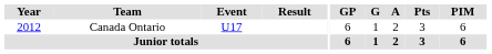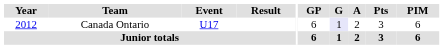 <table border="0" cellpadding="1" cellspacing="0" ID="Table3" style="text-align:center; width:40em">
 <tr ALIGN="center" bgcolor="#e0e0e0">
 <th>Year</th>
 <th>Team</th>
 <th>Event</th>
 <th>Result</th>
 <th rowspan="99" bgcolor="#ffffff"></th>
 <th>GP</th>
 <th>G</th>
 <th>A</th>
 <th>Pts</th>
 <th>PIM</th>
 </tr>
 <tr>
 <td><a href='#'>2012</a></td>
 <td>Canada Ontario</td>
 <td><a href='#'>U17</a></td>
 <td></td>
 <td>6</td>
-<td>1</td>
+<td style="background: lavender;">1</td>
 <td>2</td>
 <td>3</td>
 <td>6</td>
 </tr>
 <tr bgcolor="#e0e0e0">
 <th colspan="4">Junior totals</th>
 <th>6</th>
 <th>1</th>
 <th>2</th>
 <th>3</th>
 <th>6</th>
 </tr>
 </table>
